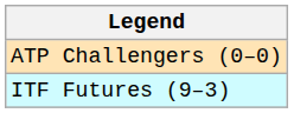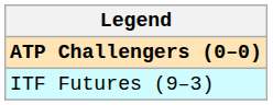 <table class=wikitable style=font-size:97%>
 <tr>
 <th>Legend</th>
 </tr>
 <tr style="background:moccasin;">
-<td>ATP Challengers (0–0)</td>
+<td><strong>ATP Challengers (0–0)</strong></td>
 </tr>
 <tr style="background:#cffcff;">
 <td>ITF Futures (9–3)</td>
 </tr>
 </table>
